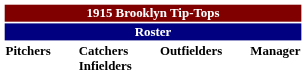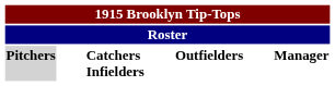 <table class="toccolours" style="font-size: 95%;">
 <tr>
 <th colspan="10" style="background-color: maroon; color: white; text-align: center;">1915 Brooklyn Tip-Tops</th>
 </tr>
 <tr>
 <td colspan="10" style="background-color: navy; color: white; text-align: center;"><strong>Roster</strong></td>
 </tr>
 <tr>
-<td valign="top"><strong>Pitchers</strong><br>           </td>
+<td valign="top" style="background: lightgrey;"><strong>Pitchers</strong><br>           </td>
 <td width="25px"></td>
 <td valign="top"><strong>Catchers</strong><br>      <strong>Infielders</strong>              </td>
 <td width="25px"></td>
 <td valign="top"><strong>Outfielders</strong><br>     </td>
 <td width="25px"></td>
 <td valign="top"><strong>Manager</strong><br> </td>
 </tr>
 </table>
